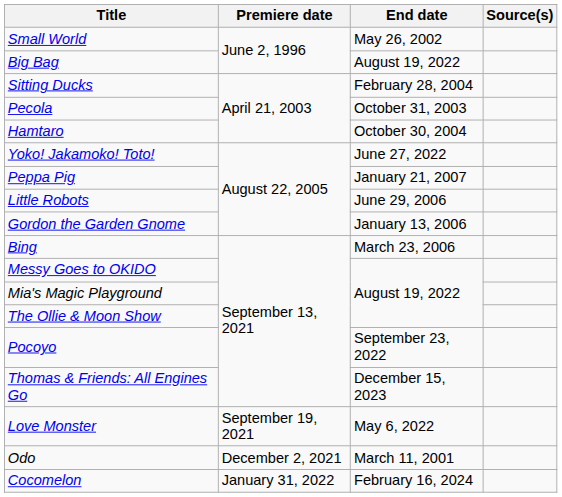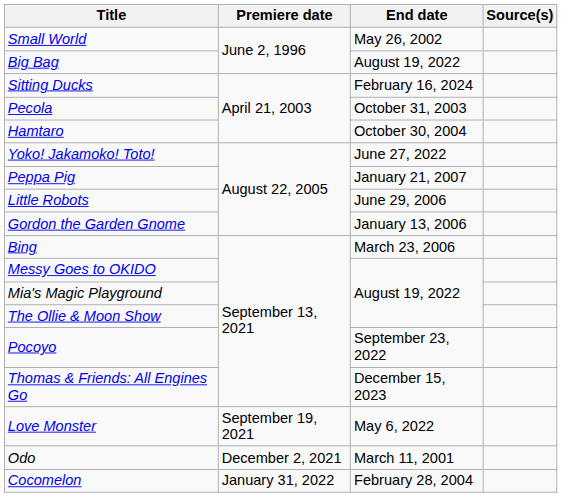 <table class="wikitable sortable">
 <tr>
 <th>Title</th>
 <th>Premiere date</th>
 <th>End date</th>
 <th>Source(s)</th>
 </tr>
 <tr>
 <td><em><a href='#'>Small World</a></em></td>
 <td rowspan=2>June 2, 1996</td>
 <td>May 26, 2002</td>
 <td></td>
 </tr>
 <tr>
 <td><em><a href='#'>Big Bag</a></em></td>
 <td>August 19, 2022</td>
 <td></td>
 </tr>
 <tr>
 <td><em><a href='#'>Sitting Ducks</a></em></td>
 <td rowspan=3>April 21, 2003</td>
-<td>February 28, 2004</td>
+<td>February 16, 2024</td>
 <td></td>
 </tr>
 <tr>
 <td><em><a href='#'>Pecola</a></em></td>
 <td>October 31, 2003</td>
 <td></td>
 </tr>
 <tr>
 <td><em><a href='#'>Hamtaro</a></em></td>
 <td>October 30, 2004</td>
 <td></td>
 </tr>
 <tr>
 <td><em><a href='#'>Yoko! Jakamoko! Toto!</a></em></td>
 <td rowspan=4>August 22, 2005</td>
 <td>June 27, 2022</td>
 <td></td>
 </tr>
 <tr>
 <td><em><a href='#'>Peppa Pig</a></em></td>
 <td>January 21, 2007</td>
 <td></td>
 </tr>
 <tr>
 <td><em><a href='#'>Little Robots</a></em></td>
 <td>June 29, 2006</td>
 <td></td>
 </tr>
 <tr>
 <td><em><a href='#'>Gordon the Garden Gnome</a></em></td>
 <td>January 13, 2006</td>
 </tr>
 <tr>
 <td><em><a href='#'>Bing</a></em></td>
 <td rowspan=6>September 13, 2021</td>
 <td>March 23, 2006</td>
 <td></td>
 </tr>
 <tr>
 <td><em><a href='#'>Messy Goes to OKIDO</a></em></td>
 <td rowspan=3>August 19, 2022</td>
 <td></td>
 </tr>
 <tr>
 <td><em>Mia's Magic Playground</em></td>
 <td></td>
 </tr>
 <tr>
 <td><em><a href='#'>The Ollie & Moon Show</a></em></td>
 <td></td>
 </tr>
 <tr>
 <td><em><a href='#'>Pocoyo</a></em></td>
 <td>September 23, 2022</td>
 <td></td>
 </tr>
 <tr>
 <td><em><a href='#'>Thomas & Friends: All Engines Go</a></em></td>
 <td>December 15, 2023</td>
 <td></td>
 </tr>
 <tr>
 <td><em><a href='#'>Love Monster</a></em></td>
 <td>September 19, 2021</td>
 <td>May 6, 2022</td>
 <td></td>
 </tr>
 <tr>
 <td><em>Odo</em></td>
 <td>December 2, 2021</td>
 <td>March 11, 2001</td>
 <td></td>
 </tr>
 <tr>
 <td><em><a href='#'>Cocomelon</a></em></td>
 <td>January 31, 2022</td>
-<td>February 16, 2024</td>
+<td>February 28, 2004</td>
 <td></td>
 </tr>
 </table>
